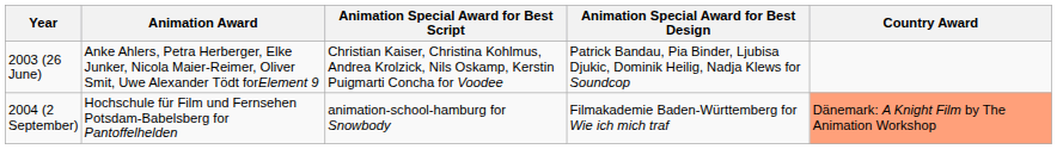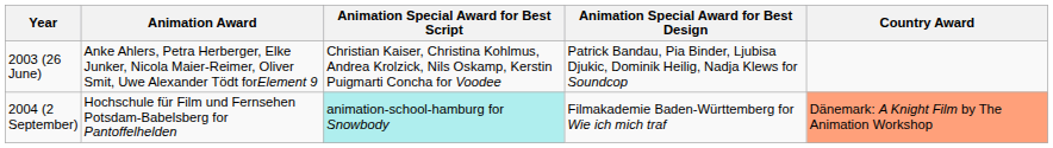 <table class="wikitable" width="99%" align="center">
 <tr bgcolor="lavender">
 <th width="4%">Year</th>
 <th width="24%">Animation Award</th>
 <th width="24%">Animation Special Award for Best Script</th>
 <th width="24%">Animation Special Award for Best Design</th>
 <th width="24%">Country Award</th>
 </tr>
 <tr>
 <td>2003 (26 June)</td>
 <td>Anke Ahlers, Petra Herberger, Elke Junker, Nicola Maier-Reimer, Oliver Smit, Uwe Alexander Tödt for<em>Element 9</em></td>
 <td>Christian Kaiser, Christina Kohlmus, Andrea Krolzick, Nils Oskamp, Kerstin Puigmarti Concha for <em>Voodee</em></td>
 <td>Patrick Bandau, Pia Binder, Ljubisa Djukic, Dominik Heilig, Nadja Klews for <em>Soundcop</em></td>
 </tr>
 <tr>
 <td>2004 (2 September)</td>
 <td>Hochschule für Film und Fernsehen Potsdam-Babelsberg for <em>Pantoffelhelden</em></td>
-<td>animation-school-hamburg for <em>Snowbody</em></td>
+<td style="background: paleturquoise;">animation-school-hamburg for <em>Snowbody</em></td>
 <td>Filmakademie Baden-Württemberg for <em>Wie ich mich traf</em></td>
 <td style="background: lightsalmon;">Dänemark: <em>A Knight Film</em> by The Animation Workshop</td>
 </tr>
 </table>
